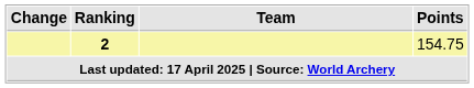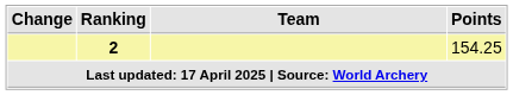 <table cellspacing="1" cellpadding="3" style="border:1px solid #aaa; font-size:90%; float: left; margin-left: 1em;">
 <tr style="background:#e4e4e4;">
 <th style="border-bottom:1px solid #aaa; width:10px;">Change</th>
 <th style="border-bottom:1px solid #aaa; width:10px;">Ranking</th>
 <th style="border-bottom:1px solid #aaa; width:250px;">Team</th>
 <th style="border-bottom:1px solid #aaa; width:30px;">Points</th>
 </tr>
 <tr style="background:#f7f6a8">
 <td style="text-align:center;"></td>
 <td style="text-align:center;"><strong>2</strong></td>
 <td></td>
-<td>154.75</td>
+<td>154.25</td>
 </tr>
 <tr style="background:#e4e4e4;">
 <th colspan=4 style="border-bottom:1px solid #aaa; width:10px;"><small>Last updated: 17 April 2025 | Source: <a href='#'>World Archery</a></small></th>
 </tr>
 </table>
